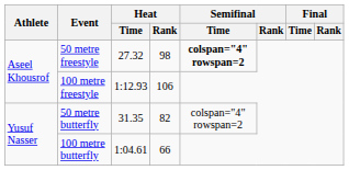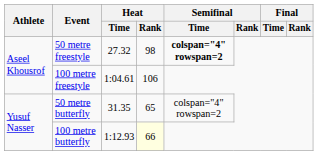 <table class="wikitable" style="text-align:center; font-size:90%; width:50%;">
 <tr>
 <th rowspan="2">Athlete</th>
 <th rowspan="2">Event</th>
 <th colspan="2">Heat</th>
 <th colspan="2">Semifinal</th>
 <th colspan="2">Final</th>
 </tr>
 <tr style="font-size:95%">
 <th>Time</th>
 <th>Rank</th>
 <th>Time</th>
 <th>Rank</th>
 <th>Time</th>
 <th>Rank</th>
 </tr>
 <tr align=center>
 <td align=left rowspan="2"><a href='#'>Aseel Khousrof</a></td>
 <td align=left><a href='#'>50 metre freestyle</a></td>
 <td>27.32</td>
 <td>98</td>
 <td><strong>colspan="4" rowspan=2 </strong></td>
 </tr>
 <tr align=center>
 <td align=left><a href='#'>100 metre freestyle</a></td>
-<td>1:12.93</td>
+<td>1:04.61</td>
 <td>106</td>
 </tr>
 <tr align=center>
 <td align=left rowspan="2"><a href='#'>Yusuf Nasser</a></td>
 <td align=left><a href='#'>50 metre butterfly</a></td>
 <td>31.35</td>
-<td>82</td>
+<td>65</td>
 <td>colspan="4" rowspan=2 </td>
 </tr>
 <tr align=center>
 <td align=left><a href='#'>100 metre butterfly</a></td>
-<td>1:04.61</td>
-<td>66</td>
+<td>1:12.93</td>
+<td style="background: lightyellow;">66</td>
 </tr>
 </table>
